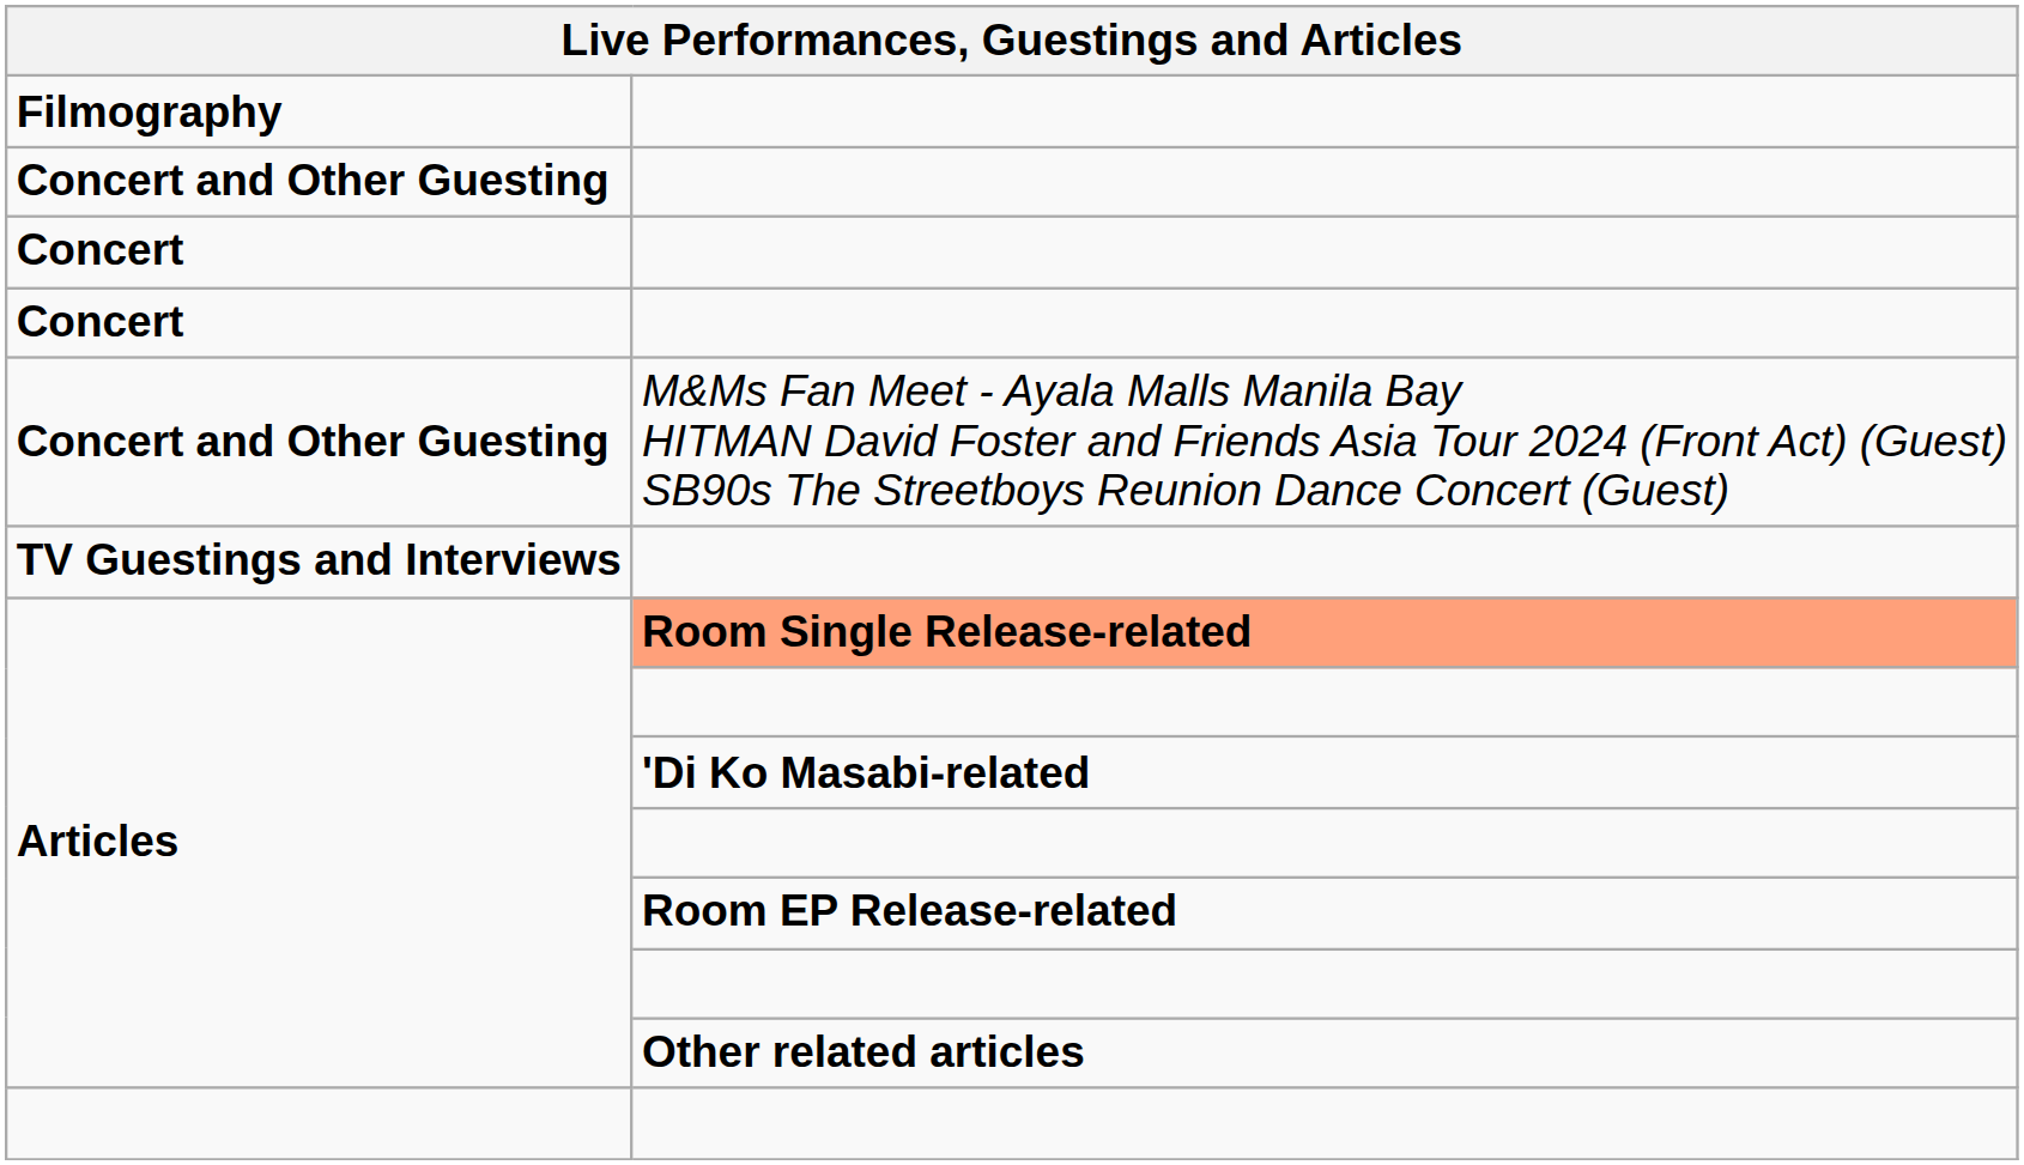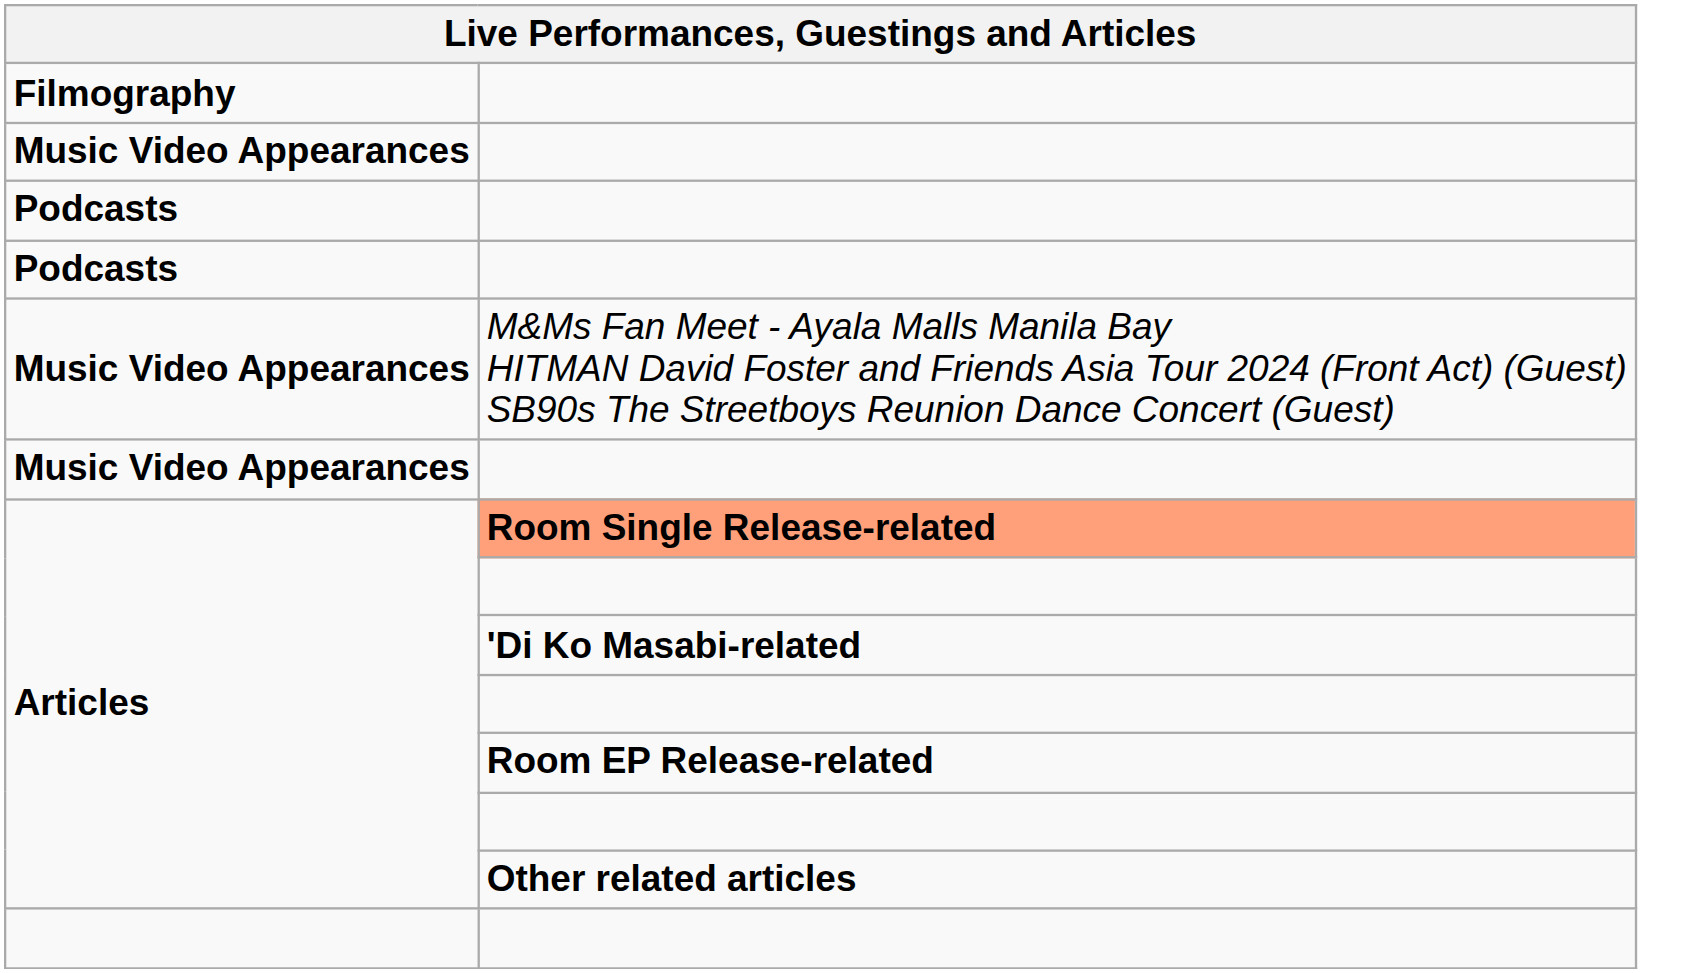 <table class="wikitable">
 <tr>
 <th colspan="2">Live Performances, Guestings and Articles</th>
 </tr>
 <tr>
 <td><strong>Filmography</strong></td>
 <td></td>
 </tr>
 <tr>
-<td><strong>Concert and Other Guesting</strong></td>
+<td><strong>Music Video Appearances</strong></td>
 <td></td>
 </tr>
 <tr>
-<td><strong>Concert</strong></td>
+<td><strong>Podcasts</strong></td>
 <td><br></td>
 </tr>
 <tr>
-<td><strong>Concert</strong></td>
+<td><strong>Podcasts</strong></td>
 <td></td>
 </tr>
 <tr>
-<td><strong>Concert and Other Guesting</strong></td>
+<td><strong>Music Video Appearances</strong></td>
 <td><em>M&Ms Fan Meet - Ayala Malls Manila Bay</em><br> <em>HITMAN David Foster and Friends Asia Tour 2024 (Front Act)</em>  <em>(Guest)</em><br><em>SB90s The Streetboys Reunion Dance Concert (Guest)</em></td>
 </tr>
 <tr>
-<td><strong>TV Guestings and Interviews</strong></td>
+<td><strong>Music Video Appearances</strong></td>
 <td [https://www.youtube.com/watch?v=3-FnrKqoPJ8&feature=youtu.be ><br>    <em></em>             </td>
 </tr>
 <tr>
 <td rowspan="7"><strong>Articles</strong></td>
 <td style="background: lightsalmon;"><strong>Room Single Release-related</strong></td>
 </tr>
 <tr>
 <td><br>               </td>
 </tr>
 <tr>
 <td><strong>'Di Ko Masabi-related</strong></td>
 </tr>
 <tr>
 <td><br>       <bdi></bdi> </td>
 </tr>
 <tr>
 <td><strong>Room EP Release-related</strong></td>
 </tr>
 <tr>
 <td><em></em><br><em></em> <em></em> <em></em></td>
 </tr>
 <tr>
 <td><strong>Other related articles</strong></td>
 </tr>
 <tr>
 <td></td>
 <td><br><em></em> <em></em></td>
 </tr>
 </table>
